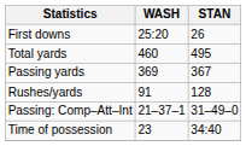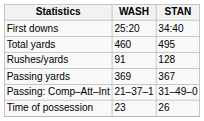 <table class="wikitable" style="float: left;">
 <tr>
 <th>Statistics</th>
 <th>WASH</th>
 <th>STAN</th>
 </tr>
 <tr>
 <td>First downs</td>
 <td>25:20</td>
-<td>26</td>
+<td>34:40</td>
 </tr>
 <tr>
 <td>Total yards</td>
 <td>460</td>
 <td>495</td>
 </tr>
 <tr>
+<td>Rushes/yards</td>
+<td>91</td>
+<td>128</td>
+</tr>
+<tr>
 <td>Passing yards</td>
 <td>369</td>
 <td>367</td>
-</tr>
-<tr>
-<td>Rushes/yards</td>
-<td>91</td>
-<td>128</td>
 </tr>
 <tr>
 <td>Passing: Comp–Att–Int</td>
 <td>21–37–1</td>
 <td>31–49–0</td>
 </tr>
 <tr>
 <td>Time of possession</td>
 <td>23</td>
-<td>34:40</td>
+<td>26</td>
 </tr>
 <tr>
 </tr>
 </table>
